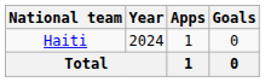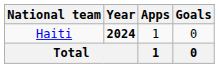 <table class="wikitable" style="text-align:center">
 <tr>
 <th>National team</th>
 <th>Year</th>
 <th>Apps</th>
 <th>Goals</th>
 </tr>
 <tr>
 <td rowspan="1"><a href='#'>Haiti</a></td>
-<td>2024</td>
+<td><strong>2024</strong></td>
 <td>1</td>
 <td>0</td>
 </tr>
 <tr>
 <th colspan="2">Total</th>
 <th>1</th>
 <th>0</th>
 </tr>
 </table>
